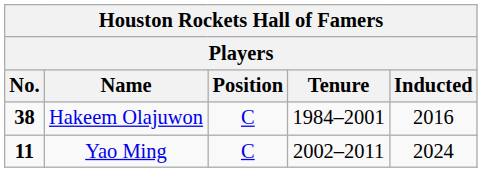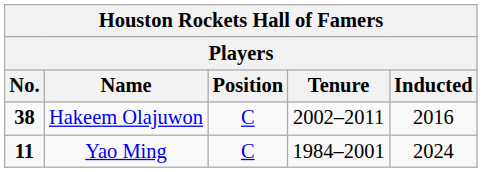 <table class="wikitable" style="text-align:center">
 <tr>
 <th colspan="5">Houston Rockets Hall of Famers</th>
 </tr>
 <tr>
 <th colspan="5" style="text-align:center; ">Players</th>
 </tr>
 <tr>
 <th>No.</th>
 <th>Name</th>
 <th>Position</th>
 <th>Tenure</th>
 <th>Inducted</th>
 </tr>
 <tr>
 <td><strong>38</strong></td>
 <td><a href='#'>Hakeem Olajuwon</a></td>
 <td><a href='#'>C</a></td>
-<td>1984–2001</td>
+<td>2002–2011</td>
 <td>2016</td>
 </tr>
 <tr>
 <td><strong>11</strong></td>
 <td><a href='#'>Yao Ming</a></td>
 <td><a href='#'>C</a></td>
-<td>2002–2011</td>
+<td>1984–2001</td>
 <td>2024</td>
 </tr>
 </table>
